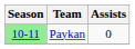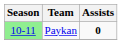 <table class="wikitable" style="text-align: center;">
 <tr>
 <th>Season</th>
 <th>Team</th>
 <th>Assists</th>
 </tr>
 <tr>
 <td style="background: lightgreen;"><a href='#'>10-11</a></td>
 <td align="left"><a href='#'>Paykan</a></td>
-<td>0</td>
+<td><strong>0</strong></td>
 </tr>
 <tr>
 </tr>
 </table>
